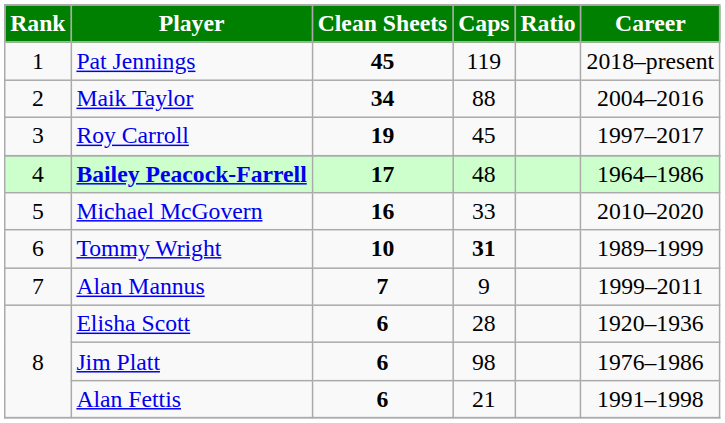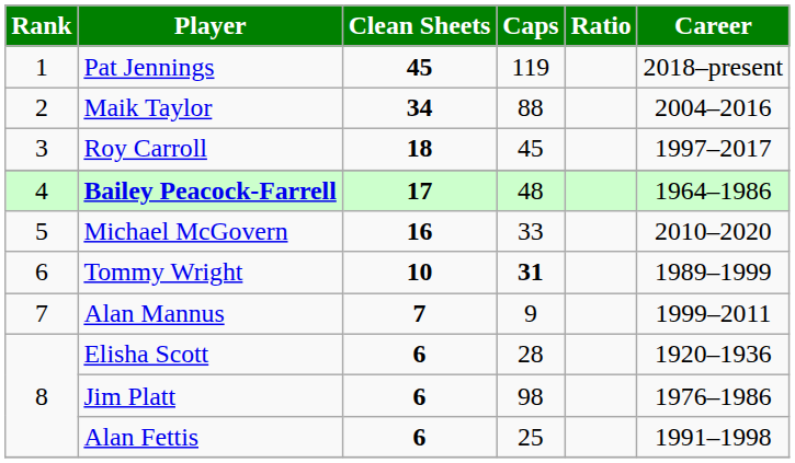 <table class="wikitable sortable" style="text-align:center;">
 <tr>
 <th style="background-color:#008000; color:white; ">Rank</th>
 <th style="background-color:#008000; color:white; ">Player</th>
 <th style="background-color:#008000; color:white; ">Clean Sheets</th>
 <th style="background-color:#008000; color:white; ">Caps</th>
 <th style="background-color:#008000; color:white; ">Ratio</th>
 <th style="background-color:#008000; color:white; ">Career</th>
 </tr>
 <tr>
 <td>1</td>
 <td style="text-align:left;"><a href='#'>Pat Jennings</a></td>
 <td><strong>45</strong></td>
 <td>119</td>
 <td></td>
 <td>2018–present</td>
 </tr>
 <tr>
 <td>2</td>
 <td style="text-align:left;"><a href='#'>Maik Taylor</a></td>
 <td><strong>34</strong></td>
 <td>88</td>
 <td></td>
 <td>2004–2016</td>
 </tr>
 <tr>
 <td>3</td>
 <td style="text-align:left;"><a href='#'>Roy Carroll</a></td>
-<td><strong>19</strong></td>
+<td><strong>18</strong></td>
 <td>45</td>
 <td></td>
 <td>1997–2017</td>
 </tr>
 <tr>
 </tr>
 <tr style="background:#CFC;">
 <td>4</td>
 <td style="text-align:left;"><strong><a href='#'>Bailey Peacock-Farrell</a></strong></td>
 <td><strong>17</strong></td>
 <td>48</td>
 <td></td>
 <td>1964–1986</td>
 </tr>
 <tr>
 <td>5</td>
 <td style="text-align:left;"><a href='#'>Michael McGovern</a></td>
 <td><strong>16</strong></td>
 <td>33</td>
 <td></td>
 <td>2010–2020</td>
 </tr>
 <tr>
 <td>6</td>
 <td style="text-align:left;"><a href='#'>Tommy Wright</a></td>
 <td><strong>10</strong></td>
 <td><strong>31</strong></td>
 <td></td>
 <td>1989–1999</td>
 </tr>
 <tr>
 <td>7</td>
 <td style="text-align:left;"><a href='#'>Alan Mannus</a></td>
 <td><strong>7</strong></td>
 <td>9</td>
 <td></td>
 <td>1999–2011</td>
 </tr>
 <tr>
 <td rowspan="3">8</td>
 <td style="text-align:left;"><a href='#'>Elisha Scott</a></td>
 <td><strong>6</strong></td>
 <td>28</td>
 <td></td>
 <td>1920–1936</td>
 </tr>
 <tr>
 <td style="text-align:left;"><a href='#'>Jim Platt</a></td>
 <td><strong>6</strong></td>
 <td>98</td>
 <td></td>
 <td>1976–1986</td>
 </tr>
 <tr>
 <td style="text-align:left;"><a href='#'>Alan Fettis</a></td>
 <td><strong>6</strong></td>
-<td>21</td>
+<td>25</td>
 <td></td>
 <td>1991–1998</td>
 </tr>
 <tr>
 </tr>
 </table>
